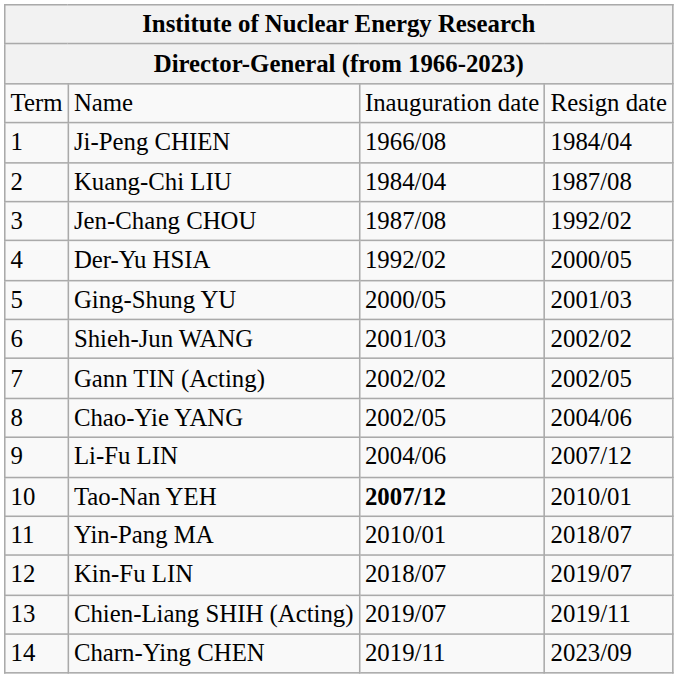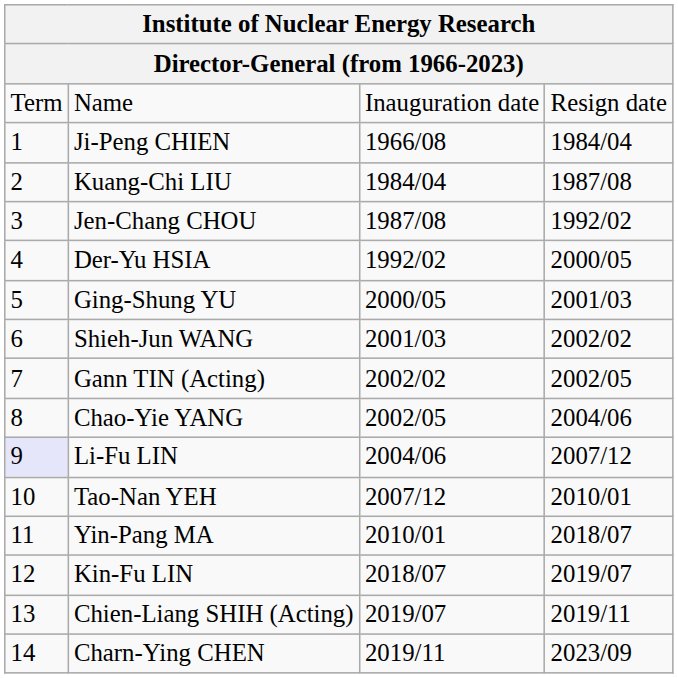 <table class="wikitable">
 <tr>
 <th colspan="4">Institute of Nuclear Energy Research</th>
 </tr>
 <tr>
 <th colspan="4">Director-General (from 1966-2023)</th>
 </tr>
 <tr>
 <td>Term</td>
 <td>Name</td>
 <td>Inauguration date</td>
 <td>Resign date</td>
 </tr>
 <tr>
 <td>1</td>
 <td>Ji-Peng CHIEN</td>
 <td>1966/08</td>
 <td>1984/04</td>
 </tr>
 <tr>
 <td>2</td>
 <td>Kuang-Chi LIU</td>
 <td>1984/04</td>
 <td>1987/08</td>
 </tr>
 <tr>
 <td>3</td>
 <td>Jen-Chang CHOU</td>
 <td>1987/08</td>
 <td>1992/02</td>
 </tr>
 <tr>
 <td>4</td>
 <td>Der-Yu HSIA</td>
 <td>1992/02</td>
 <td>2000/05</td>
 </tr>
 <tr>
 <td>5</td>
 <td>Ging-Shung YU</td>
 <td>2000/05</td>
 <td>2001/03</td>
 </tr>
 <tr>
 <td>6</td>
 <td>Shieh-Jun WANG</td>
 <td>2001/03</td>
 <td>2002/02</td>
 </tr>
 <tr>
 <td>7</td>
 <td>Gann TIN (Acting)</td>
 <td>2002/02</td>
 <td>2002/05</td>
 </tr>
 <tr>
 <td>8</td>
 <td>Chao-Yie YANG</td>
 <td>2002/05</td>
 <td>2004/06</td>
 </tr>
 <tr>
-<td>9</td>
+<td style="background: lavender;">9</td>
 <td>Li-Fu LIN</td>
 <td>2004/06</td>
 <td>2007/12</td>
 </tr>
 <tr>
 <td>10</td>
 <td>Tao-Nan YEH</td>
-<td><strong>2007/12</strong></td>
+<td>2007/12</td>
 <td>2010/01</td>
 </tr>
 <tr>
 <td>11</td>
 <td>Yin-Pang MA</td>
 <td>2010/01</td>
 <td>2018/07</td>
 </tr>
 <tr>
 <td>12</td>
 <td>Kin-Fu LIN</td>
 <td>2018/07</td>
 <td>2019/07</td>
 </tr>
 <tr>
 <td>13</td>
 <td>Chien-Liang SHIH (Acting)</td>
 <td>2019/07</td>
 <td>2019/11</td>
 </tr>
 <tr>
 <td>14</td>
 <td>Charn-Ying CHEN</td>
 <td>2019/11</td>
 <td>2023/09</td>
 </tr>
 </table>
